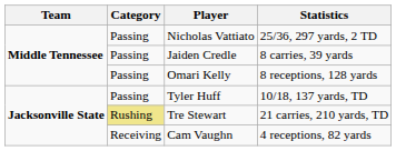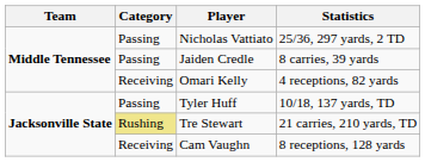 <table class="wikitable" style="float: left;">
 <tr>
 <th>Team</th>
 <th>Category</th>
 <th>Player</th>
 <th>Statistics</th>
 </tr>
 <tr>
 <td rowspan=3><strong>Middle Tennessee</strong></td>
 <td>Passing</td>
 <td>Nicholas Vattiato</td>
 <td>25/36, 297 yards, 2 TD</td>
 </tr>
 <tr>
 <td>Passing</td>
 <td>Jaiden Credle</td>
 <td>8 carries, 39 yards</td>
 </tr>
 <tr>
-<td>Passing</td>
+<td>Receiving</td>
 <td>Omari Kelly</td>
-<td>8 receptions, 128 yards</td>
+<td>4 receptions, 82 yards</td>
 </tr>
 <tr>
 <td rowspan=3><strong>Jacksonville State</strong></td>
 <td>Passing</td>
 <td>Tyler Huff</td>
 <td>10/18, 137 yards, TD</td>
 </tr>
 <tr>
 <td style="background: khaki;">Rushing</td>
 <td>Tre Stewart</td>
 <td>21 carries, 210 yards, TD</td>
 </tr>
 <tr>
 <td>Receiving</td>
 <td>Cam Vaughn</td>
-<td>4 receptions, 82 yards</td>
+<td>8 receptions, 128 yards</td>
 </tr>
 </table>
